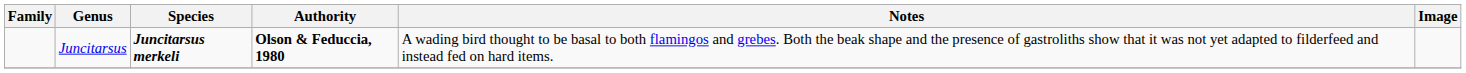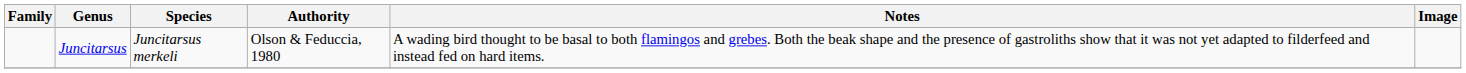 <table class="wikitable" align="center" width="100%">
 <tr>
 <th>Family</th>
 <th>Genus</th>
 <th>Species</th>
 <th>Authority</th>
 <th>Notes</th>
 <th>Image</th>
 </tr>
 <tr>
 <td></td>
 <td><em><a href='#'>Juncitarsus</a></em></td>
-<td><strong><em>Juncitarsus merkeli</em></strong></td>
-<td><strong>Olson & Feduccia, 1980</strong></td>
+<td><em>Juncitarsus merkeli</em></td>
+<td>Olson & Feduccia, 1980</td>
 <td>A wading bird thought to be basal to both <a href='#'>flamingos</a> and <a href='#'>grebes</a>. Both the beak shape and the presence of gastroliths show that it was not yet adapted to filderfeed and instead fed on hard items.</td>
 <td></td>
 </tr>
 <tr>
 </tr>
 </table>
